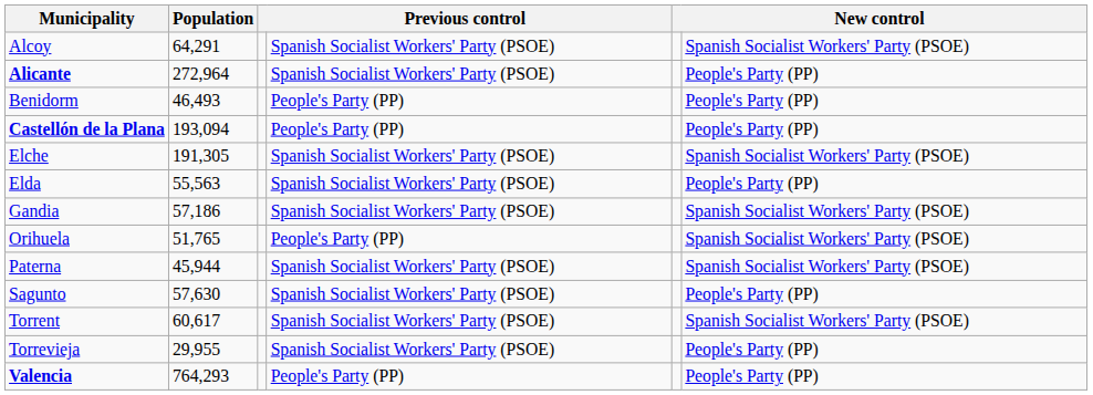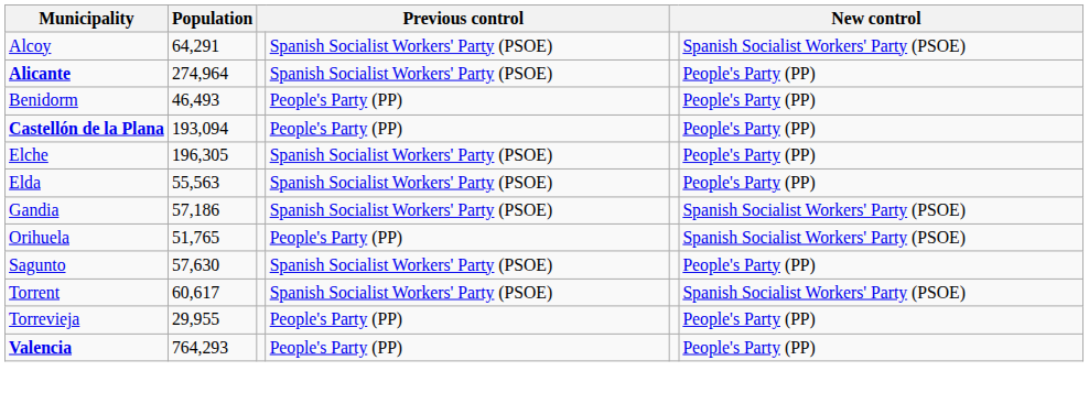 <table class="wikitable sortable">
 <tr>
 <th>Municipality</th>
 <th>Population</th>
 <th colspan="2" style="width:375px;">Previous control</th>
 <th colspan="2" style="width:375px;">New control</th>
 </tr>
 <tr>
 <td><a href='#'>Alcoy</a></td>
 <td>64,291</td>
 <td width="1" style="color:inherit;background:"></td>
 <td><a href='#'>Spanish Socialist Workers' Party</a> (PSOE)</td>
 <td width="1" style="color:inherit;background:"></td>
 <td><a href='#'>Spanish Socialist Workers' Party</a> (PSOE)</td>
 </tr>
 <tr>
 <td><strong><a href='#'>Alicante</a></strong></td>
-<td>272,964</td>
+<td>274,964</td>
 <td style="color:inherit;background:"></td>
 <td><a href='#'>Spanish Socialist Workers' Party</a> (PSOE)</td>
 <td style="color:inherit;background:"></td>
 <td><a href='#'>People's Party</a> (PP)</td>
 </tr>
 <tr>
 <td><a href='#'>Benidorm</a></td>
 <td>46,493</td>
 <td style="color:inherit;background:"></td>
 <td><a href='#'>People's Party</a> (PP)</td>
 <td style="color:inherit;background:"></td>
 <td><a href='#'>People's Party</a> (PP)</td>
 </tr>
 <tr>
 <td><strong><a href='#'>Castellón de la Plana</a></strong></td>
 <td>193,094</td>
 <td style="color:inherit;background:"></td>
 <td><a href='#'>People's Party</a> (PP)</td>
 <td style="color:inherit;background:"></td>
 <td><a href='#'>People's Party</a> (PP)</td>
 </tr>
 <tr>
 <td><a href='#'>Elche</a></td>
-<td>191,305</td>
+<td>196,305</td>
 <td style="color:inherit;background:"></td>
 <td><a href='#'>Spanish Socialist Workers' Party</a> (PSOE)</td>
 <td style="color:inherit;background:"></td>
-<td><a href='#'>Spanish Socialist Workers' Party</a> (PSOE)</td>
+<td><a href='#'>People's Party</a> (PP)</td>
 </tr>
 <tr>
 <td><a href='#'>Elda</a></td>
 <td>55,563</td>
 <td style="color:inherit;background:"></td>
 <td><a href='#'>Spanish Socialist Workers' Party</a> (PSOE)</td>
 <td style="color:inherit;background:"></td>
 <td><a href='#'>People's Party</a> (PP) </td>
 </tr>
 <tr>
 <td><a href='#'>Gandia</a></td>
 <td>57,186</td>
 <td style="color:inherit;background:"></td>
 <td><a href='#'>Spanish Socialist Workers' Party</a> (PSOE)</td>
 <td style="color:inherit;background:"></td>
 <td><a href='#'>Spanish Socialist Workers' Party</a> (PSOE)</td>
 </tr>
 <tr>
 <td><a href='#'>Orihuela</a></td>
 <td>51,765</td>
 <td style="color:inherit;background:"></td>
 <td><a href='#'>People's Party</a> (PP)</td>
 <td style="color:inherit;background:"></td>
 <td><a href='#'>Spanish Socialist Workers' Party</a> (PSOE)</td>
 </tr>
 <tr>
-<td><a href='#'>Paterna</a></td>
-<td>45,944</td>
-<td style="color:inherit;background:"></td>
-<td><a href='#'>Spanish Socialist Workers' Party</a> (PSOE)</td>
-<td style="color:inherit;background:"></td>
-<td><a href='#'>Spanish Socialist Workers' Party</a> (PSOE)</td>
-</tr>
-<tr>
 <td><a href='#'>Sagunto</a></td>
 <td>57,630</td>
 <td style="color:inherit;background:"></td>
 <td><a href='#'>Spanish Socialist Workers' Party</a> (PSOE)</td>
 <td style="color:inherit;background:"></td>
 <td><a href='#'>People's Party</a> (PP)</td>
 </tr>
 <tr>
 <td><a href='#'>Torrent</a></td>
 <td>60,617</td>
 <td style="color:inherit;background:"></td>
 <td><a href='#'>Spanish Socialist Workers' Party</a> (PSOE)</td>
 <td style="color:inherit;background:"></td>
 <td><a href='#'>Spanish Socialist Workers' Party</a> (PSOE)</td>
 </tr>
 <tr>
 <td><a href='#'>Torrevieja</a></td>
 <td>29,955</td>
 <td style="color:inherit;background:"></td>
-<td><a href='#'>Spanish Socialist Workers' Party</a> (PSOE)</td>
+<td><a href='#'>People's Party</a> (PP)</td>
 <td style="color:inherit;background:"></td>
 <td><a href='#'>People's Party</a> (PP)</td>
 </tr>
 <tr>
 <td><strong><a href='#'>Valencia</a></strong></td>
 <td>764,293</td>
 <td style="color:inherit;background:"></td>
 <td><a href='#'>People's Party</a> (PP)</td>
 <td style="color:inherit;background:"></td>
 <td><a href='#'>People's Party</a> (PP)</td>
 </tr>
 </table>
